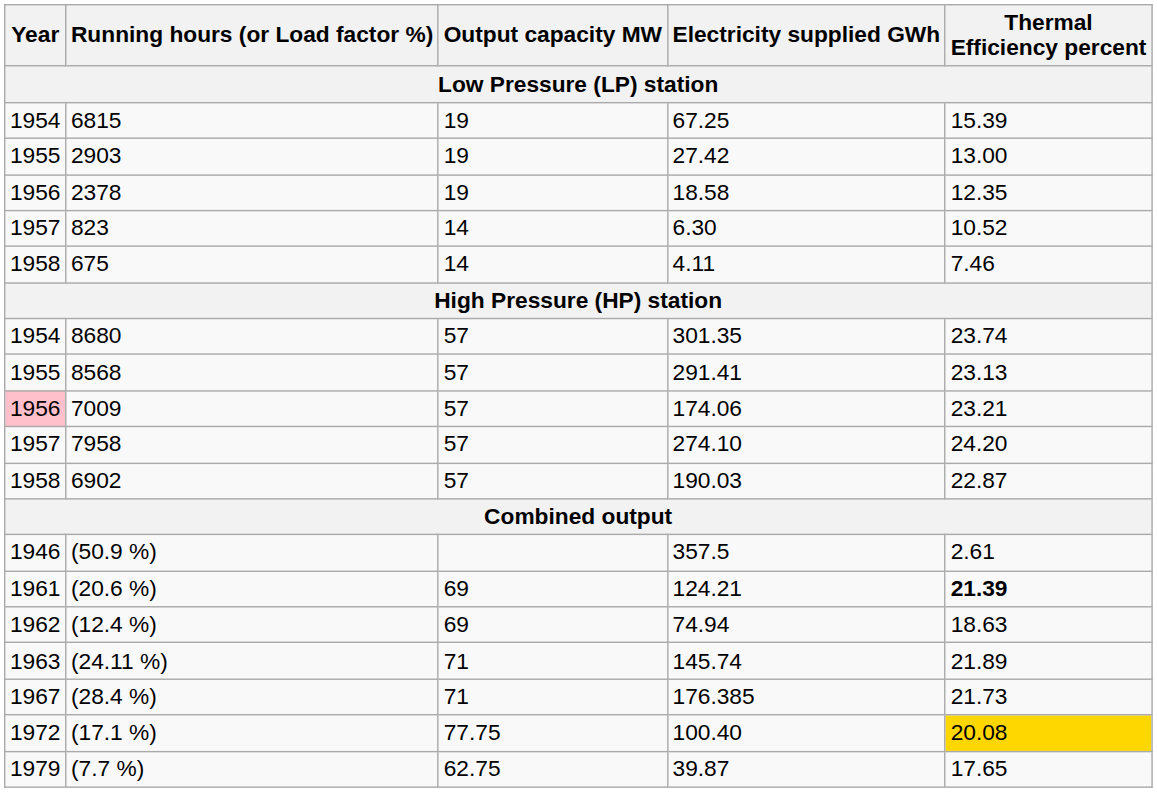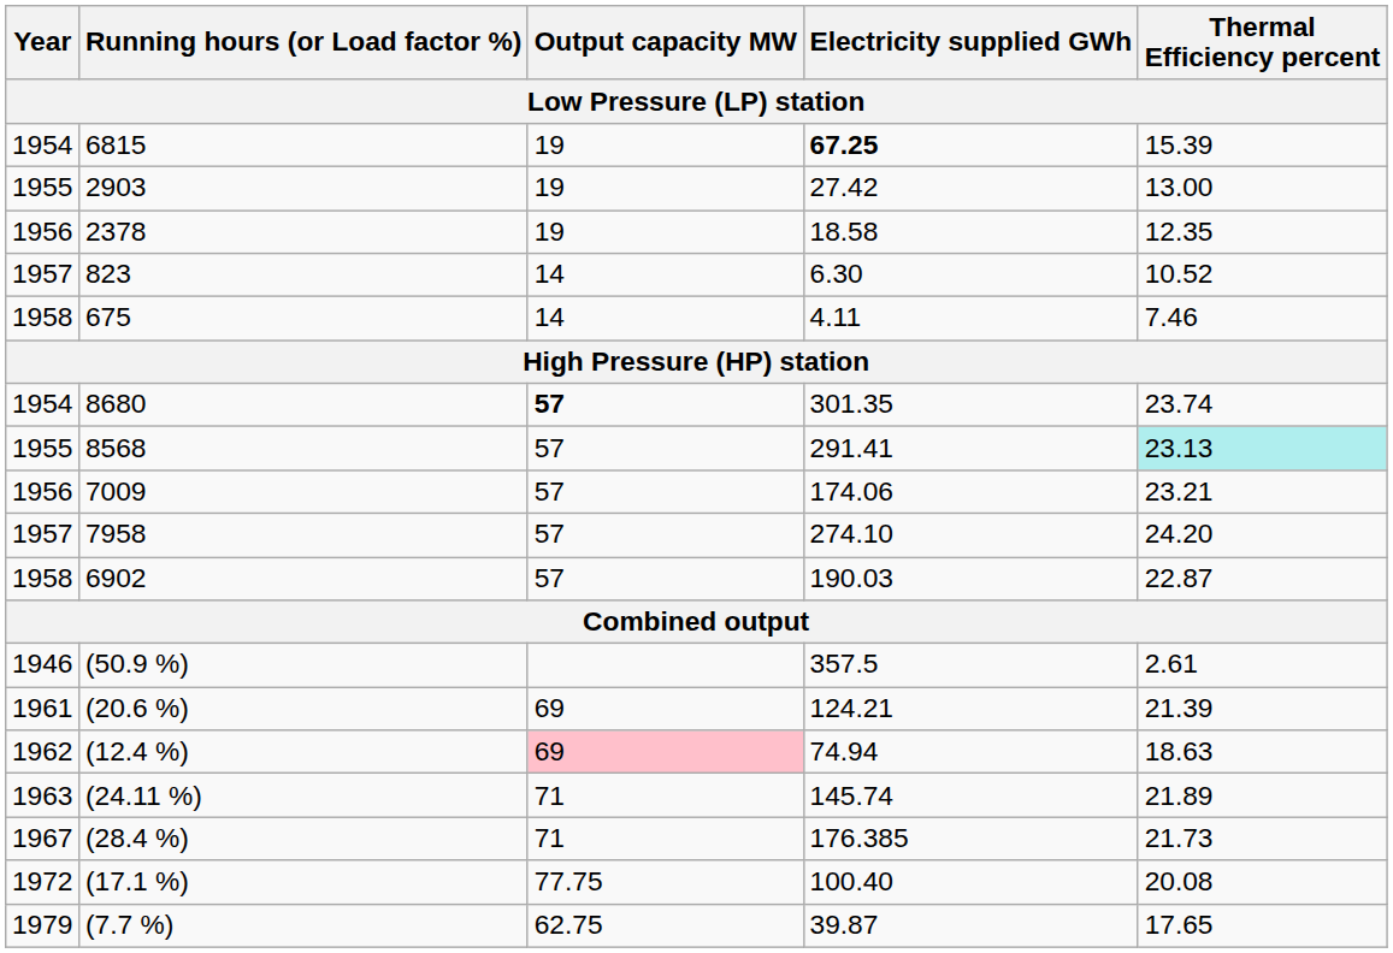 <table class="wikitable">
 <tr>
 <th>Year</th>
 <th>Running hours (or Load factor %)</th>
 <th>Output capacity MW</th>
 <th>Electricity supplied GWh</th>
 <th>Thermal<br>Efficiency percent</th>
 </tr>
 <tr>
 <th colspan="5">Low Pressure (LP) station</th>
 </tr>
 <tr>
 <td>1954</td>
 <td>6815</td>
 <td>19</td>
-<td>67.25</td>
+<td><strong>67.25</strong></td>
 <td>15.39</td>
 </tr>
 <tr>
 <td>1955</td>
 <td>2903</td>
 <td>19</td>
 <td>27.42</td>
 <td>13.00</td>
 </tr>
 <tr>
 <td>1956</td>
 <td>2378</td>
 <td>19</td>
 <td>18.58</td>
 <td>12.35</td>
 </tr>
 <tr>
 <td>1957</td>
 <td>823</td>
 <td>14</td>
 <td>6.30</td>
 <td>10.52</td>
 </tr>
 <tr>
 <td>1958</td>
 <td>675</td>
 <td>14</td>
 <td>4.11</td>
 <td>7.46</td>
 </tr>
 <tr>
 <th colspan="5">High Pressure (HP) station</th>
 </tr>
 <tr>
 <td>1954</td>
 <td>8680</td>
-<td>57</td>
+<td><strong>57</strong></td>
 <td>301.35</td>
 <td>23.74</td>
 </tr>
 <tr>
 <td>1955</td>
 <td>8568</td>
 <td>57</td>
 <td>291.41</td>
-<td>23.13</td>
+<td style="background: paleturquoise;">23.13</td>
 </tr>
 <tr>
-<td style="background: pink;">1956</td>
+<td>1956</td>
 <td>7009</td>
 <td>57</td>
 <td>174.06</td>
 <td>23.21</td>
 </tr>
 <tr>
 <td>1957</td>
 <td>7958</td>
 <td>57</td>
 <td>274.10</td>
 <td>24.20</td>
 </tr>
 <tr>
 <td>1958</td>
 <td>6902</td>
 <td>57</td>
 <td>190.03</td>
 <td>22.87</td>
 </tr>
 <tr>
 <th colspan="5">Combined output</th>
 </tr>
 <tr>
 <td>1946</td>
 <td>(50.9 %)</td>
 <td></td>
 <td>357.5</td>
 <td>2.61</td>
 </tr>
 <tr>
 <td>1961</td>
 <td>(20.6 %)</td>
 <td>69</td>
 <td>124.21</td>
-<td><strong>21.39</strong></td>
+<td>21.39</td>
 </tr>
 <tr>
 <td>1962</td>
 <td>(12.4 %)</td>
-<td>69</td>
+<td style="background: pink;">69</td>
 <td>74.94</td>
 <td>18.63</td>
 </tr>
 <tr>
 <td>1963</td>
 <td>(24.11 %)</td>
 <td>71</td>
 <td>145.74</td>
 <td>21.89</td>
 </tr>
 <tr>
 <td>1967</td>
 <td>(28.4 %)</td>
 <td>71</td>
 <td>176.385</td>
 <td>21.73</td>
 </tr>
 <tr>
 <td>1972</td>
 <td>(17.1 %)</td>
 <td>77.75</td>
 <td>100.40</td>
-<td style="background: gold;">20.08</td>
+<td>20.08</td>
 </tr>
 <tr>
 <td>1979</td>
 <td>(7.7 %)</td>
 <td>62.75</td>
 <td>39.87</td>
 <td>17.65</td>
 </tr>
 </table>
